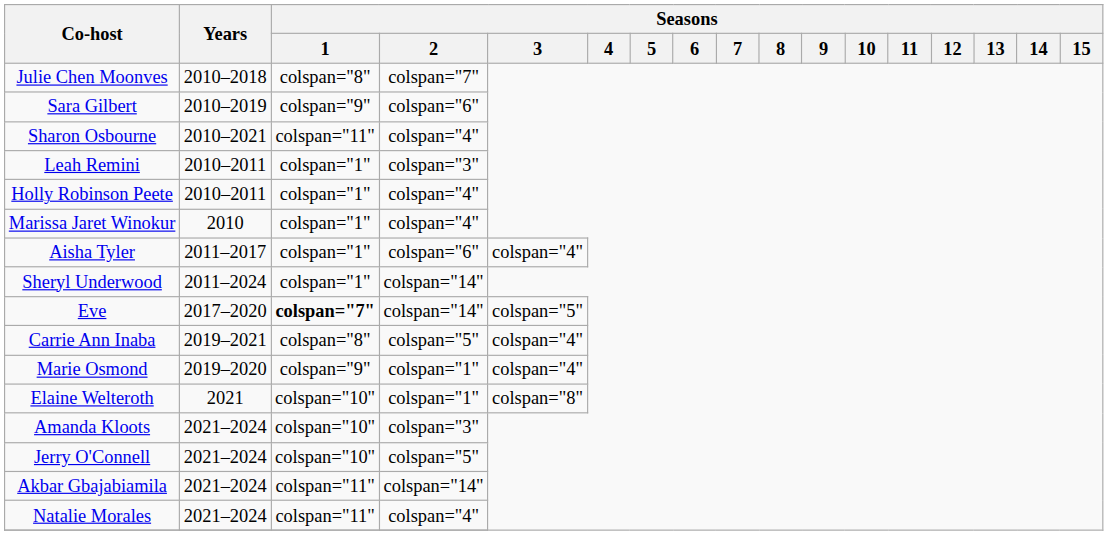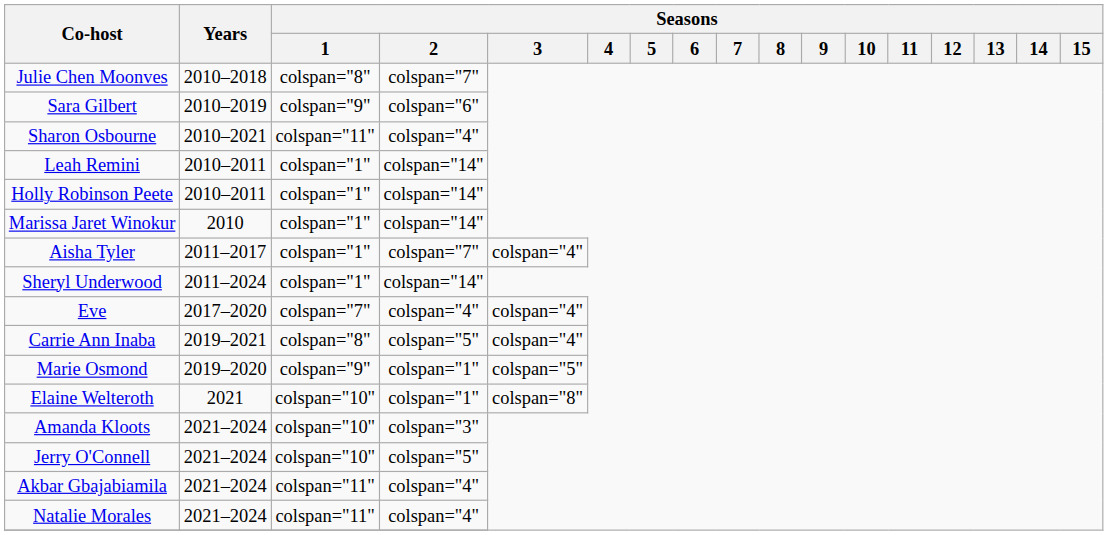 <table class="wikitable plainrowheaders" style="text-align:center;">
 <tr>
 <th rowspan="2">Co-host</th>
 <th rowspan="2">Years</th>
 <th colspan="15">Seasons</th>
 </tr>
 <tr>
 <th ! width="30">1</th>
 <th width="30">2</th>
 <th width="30">3</th>
 <th width="30">4</th>
 <th width="30">5</th>
 <th width="30">6</th>
 <th width="30">7</th>
 <th width="30">8</th>
 <th width="30">9</th>
 <th width="30">10</th>
 <th width="30">11</th>
 <th width="30">12</th>
 <th width="30">13</th>
 <th width="30">14</th>
 <th width="30">15</th>
 </tr>
 <tr>
 <td><a href='#'>Julie Chen Moonves</a></td>
 <td>2010–2018</td>
 <td>colspan="8" </td>
 <td>colspan="7" </td>
 </tr>
 <tr>
 <td><a href='#'>Sara Gilbert</a></td>
 <td>2010–2019</td>
 <td>colspan="9" </td>
 <td>colspan="6" </td>
 </tr>
 <tr>
 <td><a href='#'>Sharon Osbourne</a></td>
 <td>2010–2021</td>
 <td>colspan="11" </td>
 <td>colspan="4" </td>
 </tr>
 <tr>
 <td><a href='#'>Leah Remini</a></td>
 <td>2010–2011</td>
 <td>colspan="1" </td>
-<td>colspan="3" </td>
+<td>colspan="14" </td>
 </tr>
 <tr>
 <td><a href='#'>Holly Robinson Peete</a></td>
 <td>2010–2011</td>
 <td>colspan="1" </td>
-<td>colspan="4" </td>
+<td>colspan="14" </td>
 </tr>
 <tr>
 <td><a href='#'>Marissa Jaret Winokur</a></td>
 <td nowrap>2010</td>
 <td>colspan="1" </td>
-<td>colspan="4" </td>
+<td>colspan="14" </td>
 </tr>
 <tr>
 <td><a href='#'>Aisha Tyler</a></td>
 <td>2011–2017</td>
 <td>colspan="1" </td>
-<td>colspan="6" </td>
+<td>colspan="7" </td>
 <td>colspan="4" </td>
 </tr>
 <tr>
 <td><a href='#'>Sheryl Underwood</a></td>
 <td>2011–2024</td>
 <td>colspan="1" </td>
 <td>colspan="14" </td>
 </tr>
 <tr>
 <td><a href='#'>Eve</a></td>
 <td>2017–2020</td>
-<td><strong>colspan="7" </strong></td>
-<td>colspan="14" </td>
-<td>colspan="5" </td>
+<td>colspan="7" </td>
+<td>colspan="4" </td>
+<td>colspan="4" </td>
 </tr>
 <tr>
 <td><a href='#'>Carrie Ann Inaba</a></td>
 <td>2019–2021</td>
 <td>colspan="8" </td>
 <td>colspan="5" </td>
 <td>colspan="4" </td>
 </tr>
 <tr>
 <td><a href='#'>Marie Osmond</a></td>
 <td>2019–2020</td>
 <td>colspan="9" </td>
 <td>colspan="1" </td>
-<td>colspan="4" </td>
+<td>colspan="5" </td>
 </tr>
 <tr>
 <td><a href='#'>Elaine Welteroth</a></td>
 <td>2021</td>
 <td>colspan="10" </td>
 <td>colspan="1" </td>
 <td>colspan="8" </td>
 </tr>
 <tr>
 <td><a href='#'>Amanda Kloots</a></td>
 <td>2021–2024</td>
 <td>colspan="10" </td>
 <td>colspan="3" </td>
 </tr>
 <tr>
 <td><a href='#'>Jerry O'Connell</a></td>
 <td>2021–2024</td>
 <td>colspan="10" </td>
 <td>colspan="5" </td>
 </tr>
 <tr>
 <td><a href='#'>Akbar Gbajabiamila</a></td>
 <td>2021–2024</td>
 <td>colspan="11" </td>
-<td>colspan="14" </td>
+<td>colspan="4" </td>
 </tr>
 <tr>
 <td><a href='#'>Natalie Morales</a></td>
 <td>2021–2024</td>
 <td>colspan="11" </td>
 <td>colspan="4" </td>
 </tr>
 <tr>
 </tr>
 </table>
